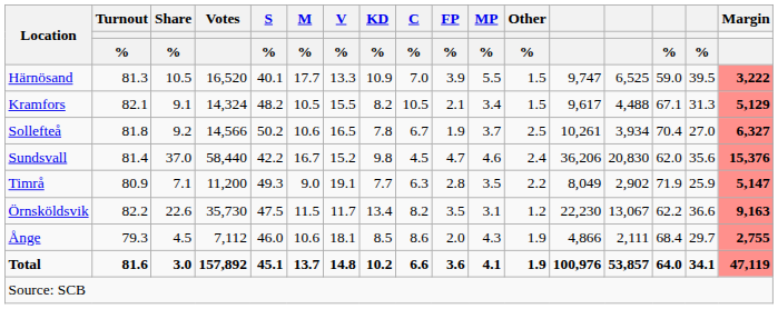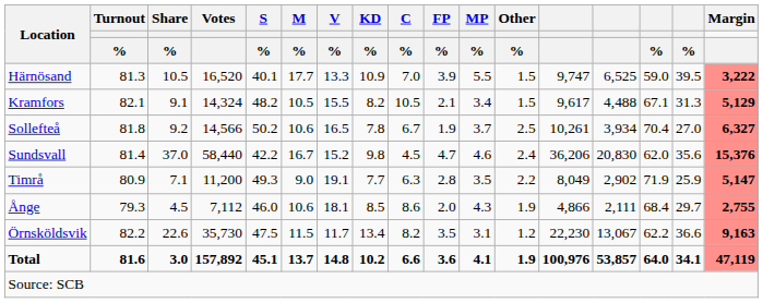 <table class="wikitable sortable" style="text-align:right; font-size:95%; line-height:20px;">
 <tr>
 <th rowspan="3">Location</th>
 <th>Turnout</th>
 <th>Share</th>
 <th>Votes</th>
 <th width="30px" class="unsortable"><a href='#'>S</a></th>
 <th width="30px" class="unsortable"><a href='#'>M</a></th>
 <th width="30px" class="unsortable"><a href='#'>V</a></th>
 <th width="30px" class="unsortable"><a href='#'>KD</a></th>
 <th width="30px" class="unsortable"><a href='#'>C</a></th>
 <th width="30px" class="unsortable"><a href='#'>FP</a></th>
 <th width="30px" class="unsortable"><a href='#'>MP</a></th>
 <th width="30px" class="unsortable">Other</th>
 <th></th>
 <th></th>
 <th></th>
 <th></th>
 <th>Margin</th>
 </tr>
 <tr>
 <th></th>
 <th></th>
 <th></th>
 <th style="background:"></th>
 <th style="background:"></th>
 <th style="background:"></th>
 <th style="background:"></th>
 <th style="background:"></th>
 <th style="background:"></th>
 <th style="background:"></th>
 <th style="background:"></th>
 <th style="background:"></th>
 <th style="background:"></th>
 <th style="background:"></th>
 <th style="background:"></th>
 </tr>
 <tr>
 <th data-sort-type="number">%</th>
 <th data-sort-type="number">%</th>
 <th></th>
 <th data-sort-type="number">%</th>
 <th data-sort-type="number">%</th>
 <th data-sort-type="number">%</th>
 <th data-sort-type="number">%</th>
 <th data-sort-type="number">%</th>
 <th data-sort-type="number">%</th>
 <th data-sort-type="number">%</th>
 <th data-sort-type="number">%</th>
 <th data-sort-type="number"></th>
 <th data-sort-type="number"></th>
 <th data-sort-type="number">%</th>
 <th data-sort-type="number">%</th>
 <th data-sort-type="number"></th>
 </tr>
 <tr>
 <td align=left><a href='#'>Härnösand</a></td>
 <td>81.3</td>
 <td>10.5</td>
 <td>16,520</td>
 <td>40.1</td>
 <td>17.7</td>
 <td>13.3</td>
 <td>10.9</td>
 <td>7.0</td>
 <td>3.9</td>
 <td>5.5</td>
 <td>1.5</td>
 <td>9,747</td>
 <td>6,525</td>
 <td>59.0</td>
 <td>39.5</td>
 <td bgcolor=#ff908c><strong>3,222</strong></td>
 </tr>
 <tr>
 <td align=left><a href='#'>Kramfors</a></td>
 <td>82.1</td>
 <td>9.1</td>
 <td>14,324</td>
 <td>48.2</td>
 <td>10.5</td>
 <td>15.5</td>
 <td>8.2</td>
 <td>10.5</td>
 <td>2.1</td>
 <td>3.4</td>
 <td>1.5</td>
 <td>9,617</td>
 <td>4,488</td>
 <td>67.1</td>
 <td>31.3</td>
 <td bgcolor=#ff908c><strong>5,129</strong></td>
 </tr>
 <tr>
 <td align=left><a href='#'>Sollefteå</a></td>
 <td>81.8</td>
 <td>9.2</td>
 <td>14,566</td>
 <td>50.2</td>
 <td>10.6</td>
 <td>16.5</td>
 <td>7.8</td>
 <td>6.7</td>
 <td>1.9</td>
 <td>3.7</td>
 <td>2.5</td>
 <td>10,261</td>
 <td>3,934</td>
 <td>70.4</td>
 <td>27.0</td>
 <td bgcolor=#ff908c><strong>6,327</strong></td>
 </tr>
 <tr>
 <td align=left><a href='#'>Sundsvall</a></td>
 <td>81.4</td>
 <td>37.0</td>
 <td>58,440</td>
 <td>42.2</td>
 <td>16.7</td>
 <td>15.2</td>
 <td>9.8</td>
 <td>4.5</td>
 <td>4.7</td>
 <td>4.6</td>
 <td>2.4</td>
 <td>36,206</td>
 <td>20,830</td>
 <td>62.0</td>
 <td>35.6</td>
 <td bgcolor=#ff908c><strong>15,376</strong></td>
 </tr>
 <tr>
 <td align=left><a href='#'>Timrå</a></td>
 <td>80.9</td>
 <td>7.1</td>
 <td>11,200</td>
 <td>49.3</td>
 <td>9.0</td>
 <td>19.1</td>
 <td>7.7</td>
 <td>6.3</td>
 <td>2.8</td>
 <td>3.5</td>
 <td>2.2</td>
 <td>8,049</td>
 <td>2,902</td>
 <td>71.9</td>
 <td>25.9</td>
 <td bgcolor=#ff908c><strong>5,147</strong></td>
 </tr>
 <tr>
+<td align=left><a href='#'>Ånge</a></td>
+<td>79.3</td>
+<td>4.5</td>
+<td>7,112</td>
+<td>46.0</td>
+<td>10.6</td>
+<td>18.1</td>
+<td>8.5</td>
+<td>8.6</td>
+<td>2.0</td>
+<td>4.3</td>
+<td>1.9</td>
+<td>4,866</td>
+<td>2,111</td>
+<td>68.4</td>
+<td>29.7</td>
+<td bgcolor=#ff908c><strong>2,755</strong></td>
+</tr>
+<tr>
 <td align=left><a href='#'>Örnsköldsvik</a></td>
 <td>82.2</td>
 <td>22.6</td>
 <td>35,730</td>
 <td>47.5</td>
 <td>11.5</td>
 <td>11.7</td>
 <td>13.4</td>
 <td>8.2</td>
 <td>3.5</td>
 <td>3.1</td>
 <td>1.2</td>
 <td>22,230</td>
 <td>13,067</td>
 <td>62.2</td>
 <td>36.6</td>
 <td bgcolor=#ff908c><strong>9,163</strong></td>
-</tr>
-<tr>
-<td align=left><a href='#'>Ånge</a></td>
-<td>79.3</td>
-<td>4.5</td>
-<td>7,112</td>
-<td>46.0</td>
-<td>10.6</td>
-<td>18.1</td>
-<td>8.5</td>
-<td>8.6</td>
-<td>2.0</td>
-<td>4.3</td>
-<td>1.9</td>
-<td>4,866</td>
-<td>2,111</td>
-<td>68.4</td>
-<td>29.7</td>
-<td bgcolor=#ff908c><strong>2,755</strong></td>
 </tr>
 <tr>
 <td align=left><strong>Total</strong></td>
 <td><strong>81.6</strong></td>
 <td><strong>3.0</strong></td>
 <td><strong>157,892</strong></td>
 <td><strong>45.1</strong></td>
 <td><strong>13.7</strong></td>
 <td><strong>14.8</strong></td>
 <td><strong>10.2</strong></td>
 <td><strong>6.6</strong></td>
 <td><strong>3.6</strong></td>
 <td><strong>4.1</strong></td>
 <td><strong>1.9</strong></td>
 <td><strong>100,976</strong></td>
 <td><strong>53,857</strong></td>
 <td><strong>64.0</strong></td>
 <td><strong>34.1</strong></td>
 <td bgcolor=#ff908c><strong>47,119</strong></td>
 </tr>
 <tr>
 <td align=left colspan=17>Source: SCB </td>
 </tr>
 </table>
